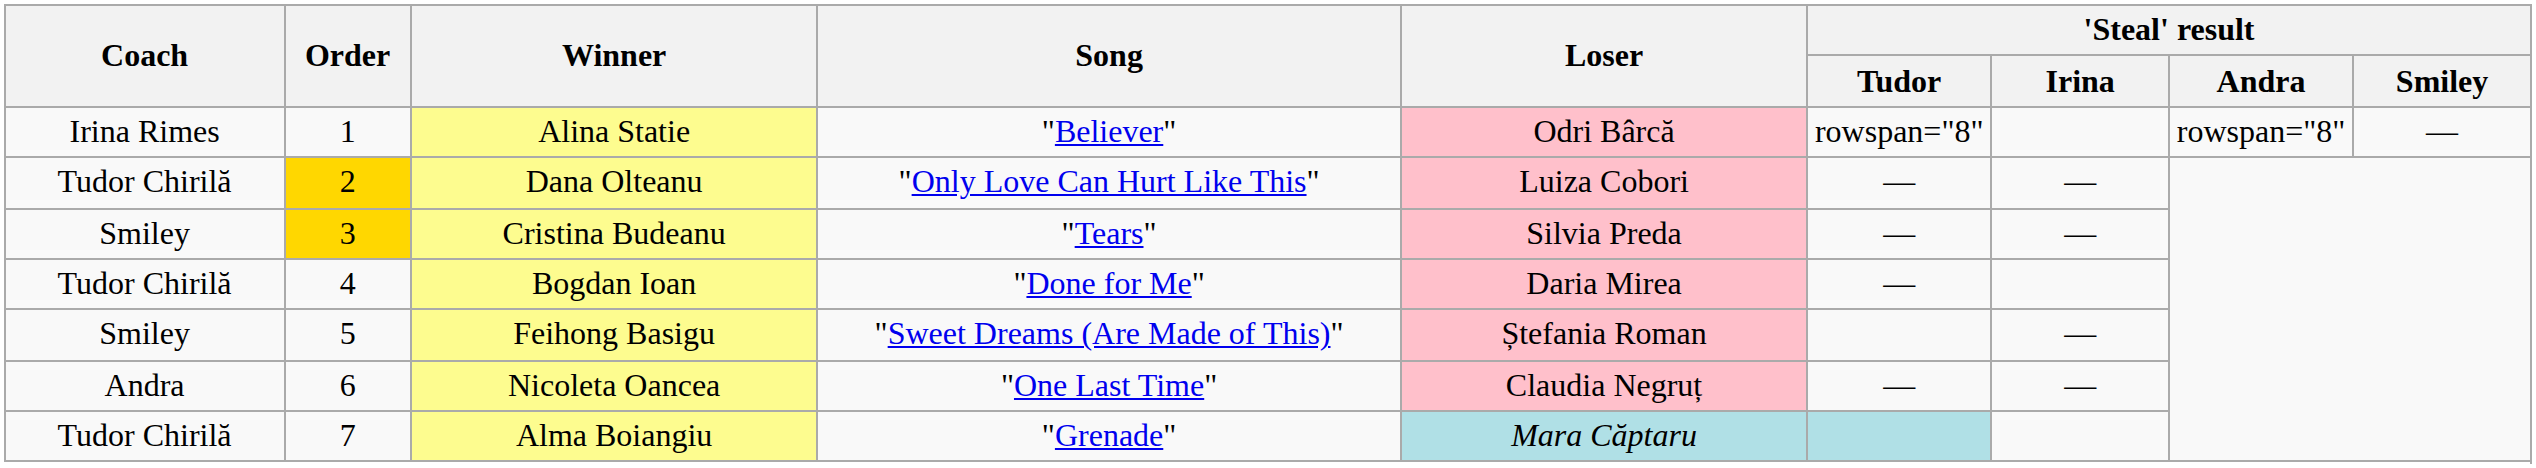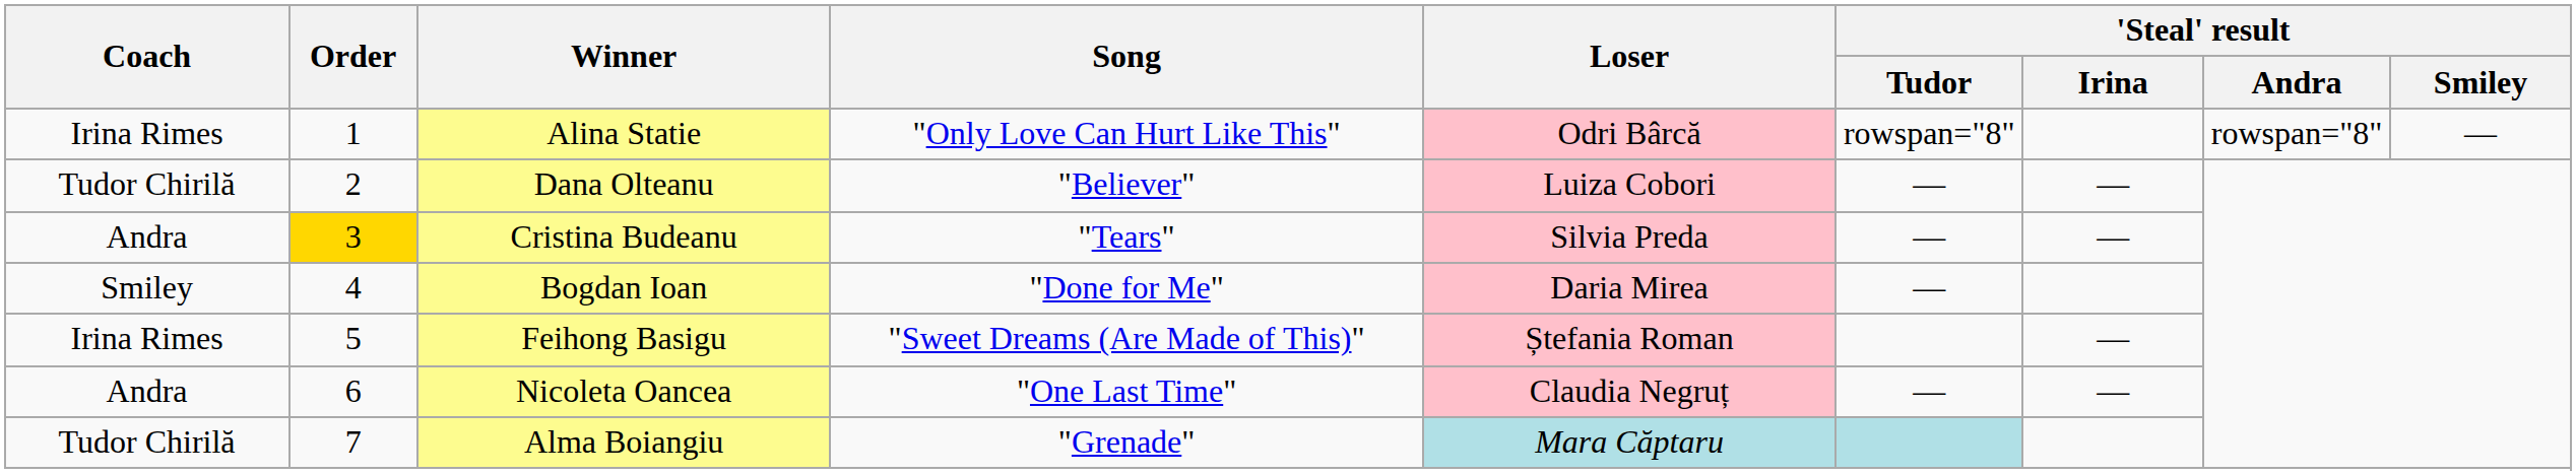 <table class="wikitable" style="text-align: center; width:100%;">
 <tr>
 <th rowspan="2" style="width:11%;">Coach</th>
 <th rowspan="2" style="width:05%;">Order</th>
 <th rowspan="2" style="width:16%;">Winner</th>
 <th rowspan="2" style="width:23%;">Song</th>
 <th rowspan="2" style="width:16%;">Loser</th>
 <th colspan="4" style="width:28%;">'Steal' result</th>
 </tr>
 <tr>
 <th style="width:07%;">Tudor</th>
 <th style="width:07%;">Irina</th>
 <th style="width:07%;">Andra</th>
 <th style="width:07%;">Smiley</th>
 </tr>
 <tr>
 <td>Irina Rimes</td>
 <td>1</td>
 <td bgcolor="#fdfc8f">Alina Statie</td>
-<td>"<a href='#'>Believer</a>"</td>
+<td>"<a href='#'>Only Love Can Hurt Like This</a>"</td>
 <td bgcolor="pink">Odri Bârcă</td>
 <td>rowspan="8" </td>
 <td></td>
 <td>rowspan="8" </td>
 <td>—</td>
 </tr>
 <tr>
 <td>Tudor Chirilă</td>
-<td style="background: gold;">2</td>
+<td>2</td>
 <td bgcolor="#fdfc8f">Dana Olteanu</td>
-<td>"<a href='#'>Only Love Can Hurt Like This</a>"</td>
+<td>"<a href='#'>Believer</a>"</td>
 <td bgcolor="pink">Luiza Cobori</td>
 <td>—</td>
 <td>—</td>
 </tr>
 <tr>
-<td>Smiley</td>
+<td>Andra</td>
 <td style="background: gold;">3</td>
 <td bgcolor="#fdfc8f">Cristina Budeanu</td>
 <td>"<a href='#'>Tears</a>"</td>
 <td bgcolor="pink">Silvia Preda</td>
 <td>—</td>
 <td>—</td>
 </tr>
 <tr>
-<td>Tudor Chirilă</td>
+<td>Smiley</td>
 <td>4</td>
 <td bgcolor="#fdfc8f">Bogdan Ioan</td>
 <td>"<a href='#'>Done for Me</a>"</td>
 <td bgcolor="pink">Daria Mirea</td>
 <td>—</td>
 <td></td>
 </tr>
 <tr>
-<td>Smiley</td>
+<td>Irina Rimes</td>
 <td>5</td>
 <td bgcolor="#fdfc8f">Feihong Basigu</td>
 <td>"<a href='#'>Sweet Dreams (Are Made of This)</a>"</td>
 <td bgcolor="pink">Ștefania Roman</td>
 <td></td>
 <td>—</td>
 </tr>
 <tr>
 <td>Andra</td>
 <td>6</td>
 <td bgcolor="#fdfc8f">Nicoleta Oancea</td>
 <td>"<a href='#'>One Last Time</a>"</td>
 <td bgcolor="pink">Claudia Negruț</td>
 <td>—</td>
 <td>—</td>
 </tr>
 <tr>
 <td>Tudor Chirilă</td>
 <td>7</td>
 <td bgcolor="#fdfc8f">Alma Boiangiu</td>
 <td>"<a href='#'>Grenade</a>"</td>
 <td bgcolor="#b0e0e6"><em>Mara Căptaru</em></td>
 <td bgcolor="#b0e0e6"><strong></strong></td>
 <td><strong></strong></td>
 </tr>
 <tr>
 </tr>
 </table>
